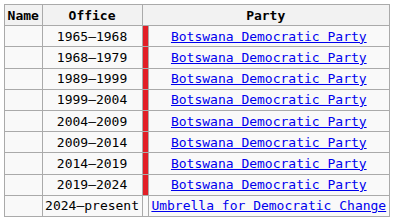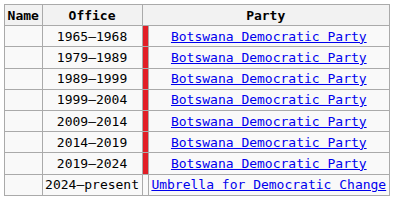 <table class="wikitable" style="text-align:center">
 <tr>
 <th>Name</th>
 <th>Office</th>
 <th colspan="2">Party</th>
 </tr>
 <tr>
 <td> </td>
 <td>1965–1968</td>
 <td style="background:#E11E26"></td>
 <td><a href='#'>Botswana Democratic Party</a></td>
 </tr>
 <tr>
-<td></td>
-<td>1968–1979</td>
+<td> </td>
+<td>1979–1989</td>
 <td style="background:#E11E26"></td>
 <td><a href='#'>Botswana Democratic Party</a></td>
 </tr>
 <tr>
 <td></td>
 <td>1989–1999</td>
 <td style="background:#E11E26"></td>
 <td><a href='#'>Botswana Democratic Party</a></td>
 </tr>
 <tr>
 <td></td>
 <td>1999–2004</td>
-<td style="background:#E11E26"></td>
-<td><a href='#'>Botswana Democratic Party</a></td>
-</tr>
-<tr>
-<td></td>
-<td>2004–2009</td>
 <td style="background:#E11E26"></td>
 <td><a href='#'>Botswana Democratic Party</a></td>
 </tr>
 <tr>
 <td></td>
 <td>2009–2014</td>
 <td style="background:#E11E26"></td>
 <td><a href='#'>Botswana Democratic Party</a></td>
 </tr>
 <tr>
 <td></td>
 <td>2014–2019</td>
 <td style="background:#E11E26"></td>
 <td><a href='#'>Botswana Democratic Party</a></td>
 </tr>
 <tr>
 <td></td>
 <td>2019–2024</td>
 <td style="background:#E11E26"></td>
 <td><a href='#'>Botswana Democratic Party</a></td>
 </tr>
 <tr>
 <td></td>
 <td>2024–present</td>
 <td style="background:"></td>
 <td><a href='#'>Umbrella for Democratic Change</a></td>
 </tr>
 </table>
